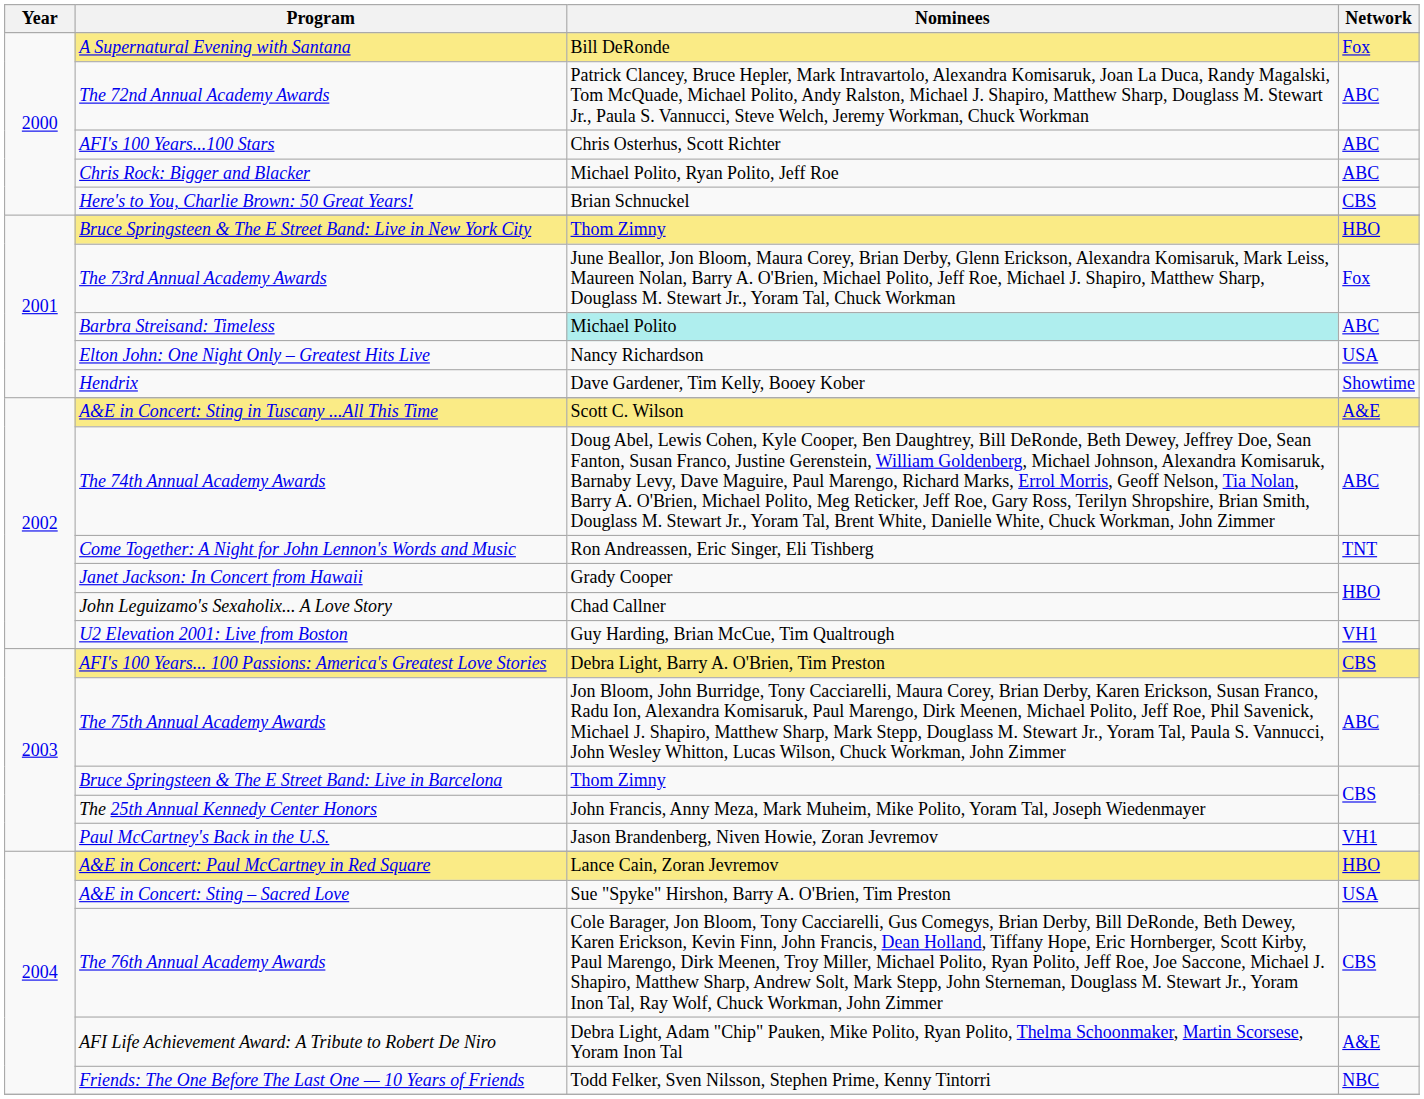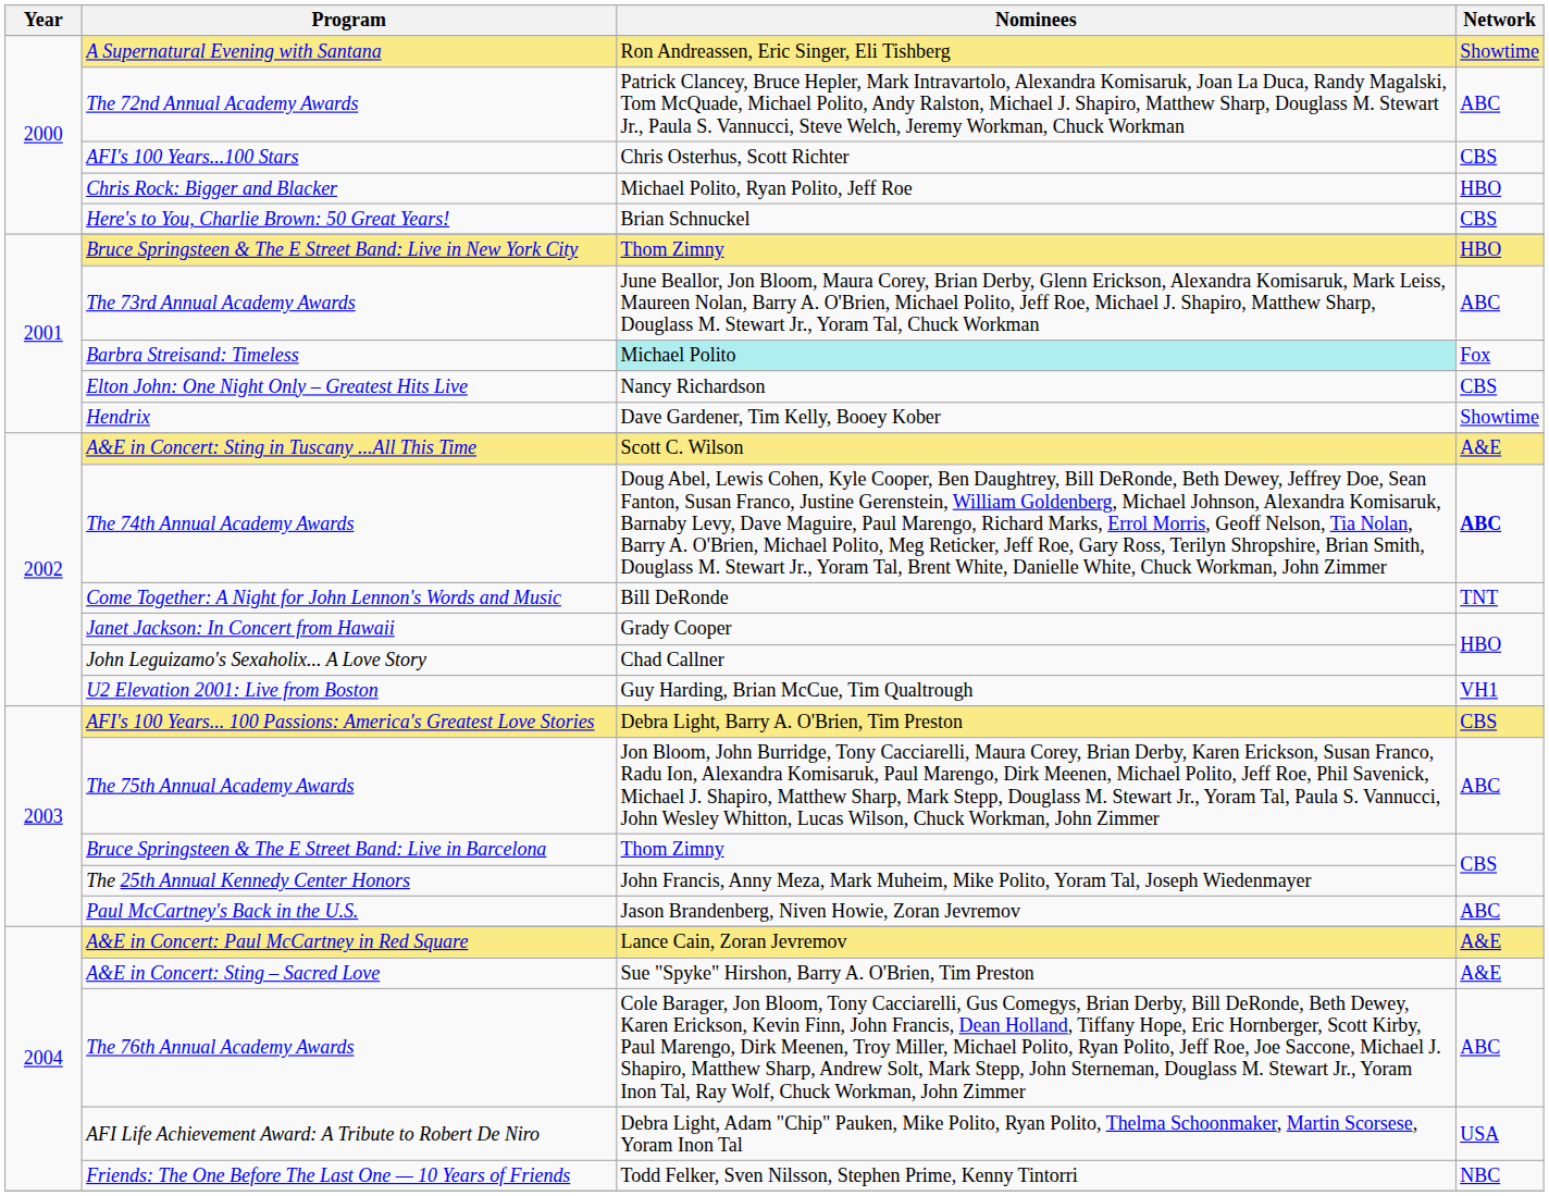 <table class="wikitable" style="width:100%">
 <tr style="background:#bebebe;">
 <th style="width:5%;">Year</th>
 <th style="width:35%;">Program</th>
 <th style="width:55%;">Nominees</th>
 <th style="width:5%;">Network</th>
 </tr>
 <tr>
 <td rowspan=6 style="text-align:center;"><a href='#'>2000</a><br></td>
 </tr>
 <tr style="background:#FAEB86;">
 <td><em><a href='#'>A Supernatural Evening with Santana</a></em></td>
-<td>Bill DeRonde</td>
-<td><a href='#'>Fox</a></td>
+<td>Ron Andreassen, Eric Singer, Eli Tishberg</td>
+<td><a href='#'>Showtime</a></td>
 </tr>
 <tr>
 <td><em><a href='#'>The 72nd Annual Academy Awards</a></em></td>
 <td>Patrick Clancey, Bruce Hepler, Mark Intravartolo, Alexandra Komisaruk, Joan La Duca, Randy Magalski, Tom McQuade, Michael Polito, Andy Ralston, Michael J. Shapiro, Matthew Sharp, Douglass M. Stewart Jr., Paula S. Vannucci, Steve Welch, Jeremy Workman, Chuck Workman</td>
 <td><a href='#'>ABC</a></td>
 </tr>
 <tr>
 <td><em><a href='#'>AFI's 100 Years...100 Stars</a></em></td>
 <td>Chris Osterhus, Scott Richter</td>
-<td><a href='#'>ABC</a></td>
+<td><a href='#'>CBS</a></td>
 </tr>
 <tr>
 <td><em><a href='#'>Chris Rock: Bigger and Blacker</a></em></td>
 <td>Michael Polito, Ryan Polito, Jeff Roe</td>
-<td><a href='#'>ABC</a></td>
+<td><a href='#'>HBO</a></td>
 </tr>
 <tr>
 <td><em><a href='#'>Here's to You, Charlie Brown: 50 Great Years!</a></em></td>
 <td>Brian Schnuckel</td>
 <td><a href='#'>CBS</a></td>
 </tr>
 <tr>
 <td rowspan=6 style="text-align:center;"><a href='#'>2001</a><br></td>
 </tr>
 <tr style="background:#FAEB86;">
 <td><em><a href='#'>Bruce Springsteen & The E Street Band: Live in New York City</a></em></td>
 <td><a href='#'>Thom Zimny</a></td>
 <td><a href='#'>HBO</a></td>
 </tr>
 <tr>
 <td><em><a href='#'>The 73rd Annual Academy Awards</a></em></td>
 <td>June Beallor, Jon Bloom, Maura Corey, Brian Derby, Glenn Erickson, Alexandra Komisaruk, Mark Leiss, Maureen Nolan, Barry A. O'Brien, Michael Polito, Jeff Roe, Michael J. Shapiro, Matthew Sharp, Douglass M. Stewart Jr., Yoram Tal, Chuck Workman</td>
-<td><a href='#'>Fox</a></td>
+<td><a href='#'>ABC</a></td>
 </tr>
 <tr>
 <td><em><a href='#'>Barbra Streisand: Timeless</a></em></td>
 <td style="background: paleturquoise;">Michael Polito</td>
-<td><a href='#'>ABC</a></td>
+<td><a href='#'>Fox</a></td>
 </tr>
 <tr>
 <td><em><a href='#'>Elton John: One Night Only – Greatest Hits Live</a></em></td>
 <td>Nancy Richardson</td>
-<td><a href='#'>USA</a></td>
+<td><a href='#'>CBS</a></td>
 </tr>
 <tr>
 <td><em><a href='#'>Hendrix</a></em></td>
 <td>Dave Gardener, Tim Kelly, Booey Kober</td>
 <td><a href='#'>Showtime</a></td>
 </tr>
 <tr>
 <td rowspan=7 style="text-align:center;"><a href='#'>2002</a><br></td>
 </tr>
 <tr style="background:#FAEB86;">
 <td><em><a href='#'>A&E in Concert: Sting in Tuscany ...All This Time</a></em></td>
 <td>Scott C. Wilson</td>
 <td><a href='#'>A&E</a></td>
 </tr>
 <tr>
 <td><em><a href='#'>The 74th Annual Academy Awards</a></em></td>
 <td>Doug Abel, Lewis Cohen, Kyle Cooper, Ben Daughtrey, Bill DeRonde, Beth Dewey, Jeffrey Doe, Sean Fanton, Susan Franco, Justine Gerenstein, <a href='#'>William Goldenberg</a>, Michael Johnson, Alexandra Komisaruk, Barnaby Levy, Dave Maguire, Paul Marengo, Richard Marks, <a href='#'>Errol Morris</a>, Geoff Nelson, <a href='#'>Tia Nolan</a>, Barry A. O'Brien, Michael Polito, Meg Reticker, Jeff Roe, Gary Ross, Terilyn Shropshire, Brian Smith, Douglass M. Stewart Jr., Yoram Tal, Brent White, Danielle White, Chuck Workman, John Zimmer</td>
-<td><a href='#'>ABC</a></td>
+<td><strong><a href='#'>ABC</a></strong></td>
 </tr>
 <tr>
 <td><em><a href='#'>Come Together: A Night for John Lennon's Words and Music</a></em></td>
-<td>Ron Andreassen, Eric Singer, Eli Tishberg</td>
+<td>Bill DeRonde</td>
 <td><a href='#'>TNT</a></td>
 </tr>
 <tr>
 <td><em><a href='#'>Janet Jackson: In Concert from Hawaii</a></em></td>
 <td>Grady Cooper</td>
 <td rowspan=2><a href='#'>HBO</a></td>
 </tr>
 <tr>
 <td><em>John Leguizamo's Sexaholix... A Love Story</em></td>
 <td>Chad Callner</td>
 </tr>
 <tr>
 <td><em><a href='#'>U2 Elevation 2001: Live from Boston</a></em></td>
 <td>Guy Harding, Brian McCue, Tim Qualtrough</td>
 <td><a href='#'>VH1</a></td>
 </tr>
 <tr>
 <td rowspan=6 style="text-align:center;"><a href='#'>2003</a><br></td>
 </tr>
 <tr style="background:#FAEB86;">
 <td><em><a href='#'>AFI's 100 Years... 100 Passions: America's Greatest Love Stories</a></em></td>
 <td>Debra Light, Barry A. O'Brien, Tim Preston</td>
 <td><a href='#'>CBS</a></td>
 </tr>
 <tr>
 <td><em><a href='#'>The 75th Annual Academy Awards</a></em></td>
 <td>Jon Bloom, John Burridge, Tony Cacciarelli, Maura Corey, Brian Derby, Karen Erickson, Susan Franco, Radu Ion, Alexandra Komisaruk, Paul Marengo, Dirk Meenen, Michael Polito, Jeff Roe, Phil Savenick, Michael J. Shapiro, Matthew Sharp, Mark Stepp, Douglass M. Stewart Jr., Yoram Tal, Paula S. Vannucci, John Wesley Whitton, Lucas Wilson, Chuck Workman, John Zimmer</td>
 <td><a href='#'>ABC</a></td>
 </tr>
 <tr>
 <td><em><a href='#'>Bruce Springsteen & The E Street Band: Live in Barcelona</a></em></td>
 <td><a href='#'>Thom Zimny</a></td>
 <td rowspan=2><a href='#'>CBS</a></td>
 </tr>
 <tr>
 <td><em>The <a href='#'>25th Annual Kennedy Center Honors</a></em></td>
 <td>John Francis, Anny Meza, Mark Muheim, Mike Polito, Yoram Tal, Joseph Wiedenmayer</td>
 </tr>
 <tr>
 <td><em><a href='#'>Paul McCartney's Back in the U.S.</a></em></td>
 <td>Jason Brandenberg, Niven Howie, Zoran Jevremov</td>
-<td><a href='#'>VH1</a></td>
+<td><a href='#'>ABC</a></td>
 </tr>
 <tr>
 <td rowspan=6 style="text-align:center;"><a href='#'>2004</a><br></td>
 </tr>
 <tr style="background:#FAEB86;">
 <td><em><a href='#'>A&E in Concert: Paul McCartney in Red Square</a></em></td>
 <td>Lance Cain, Zoran Jevremov</td>
-<td><a href='#'>HBO</a></td>
+<td><a href='#'>A&E</a></td>
 </tr>
 <tr>
 <td><em><a href='#'>A&E in Concert: Sting – Sacred Love</a></em></td>
 <td>Sue "Spyke" Hirshon, Barry A. O'Brien, Tim Preston</td>
-<td><a href='#'>USA</a></td>
+<td><a href='#'>A&E</a></td>
 </tr>
 <tr>
 <td><em><a href='#'>The 76th Annual Academy Awards</a></em></td>
 <td>Cole Barager, Jon Bloom, Tony Cacciarelli, Gus Comegys, Brian Derby, Bill DeRonde, Beth Dewey, Karen Erickson, Kevin Finn, John Francis, <a href='#'>Dean Holland</a>, Tiffany Hope, Eric Hornberger, Scott Kirby, Paul Marengo, Dirk Meenen, Troy Miller, Michael Polito, Ryan Polito, Jeff Roe, Joe Saccone, Michael J. Shapiro, Matthew Sharp, Andrew Solt, Mark Stepp, John Sterneman, Douglass M. Stewart Jr., Yoram Inon Tal, Ray Wolf, Chuck Workman, John Zimmer</td>
-<td><a href='#'>CBS</a></td>
+<td><a href='#'>ABC</a></td>
 </tr>
 <tr>
 <td><em>AFI Life Achievement Award: A Tribute to Robert De Niro</em></td>
 <td>Debra Light, Adam "Chip" Pauken, Mike Polito, Ryan Polito, <a href='#'>Thelma Schoonmaker</a>, <a href='#'>Martin Scorsese</a>, Yoram Inon Tal</td>
-<td><a href='#'>A&E</a></td>
+<td><a href='#'>USA</a></td>
 </tr>
 <tr>
 <td><em><a href='#'>Friends: The One Before The Last One — 10 Years of Friends</a></em></td>
 <td>Todd Felker, Sven Nilsson, Stephen Prime, Kenny Tintorri</td>
 <td><a href='#'>NBC</a></td>
 </tr>
 <tr>
 </tr>
 </table>
